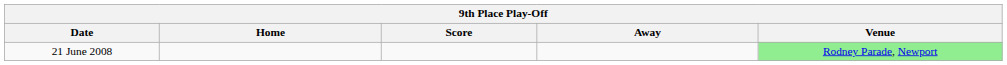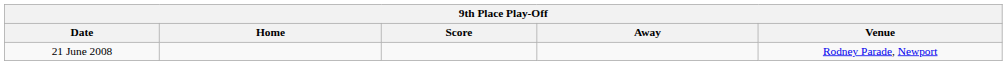 <table class="wikitable" style="font-size:90%; width: 100%; text-align: center;">
 <tr>
 <th colspan=5>9th Place Play-Off</th>
 </tr>
 <tr>
 <th width=7%>Date</th>
 <th width=10%>Home</th>
 <th width=7%>Score</th>
 <th width=10%>Away</th>
 <th width=11%>Venue</th>
 </tr>
 <tr>
 <td>21 June 2008</td>
 <td></td>
 <td></td>
 <td></td>
-<td style="background: lightgreen;"><a href='#'>Rodney Parade</a>, <a href='#'>Newport</a></td>
+<td><a href='#'>Rodney Parade</a>, <a href='#'>Newport</a></td>
 </tr>
 </table>
